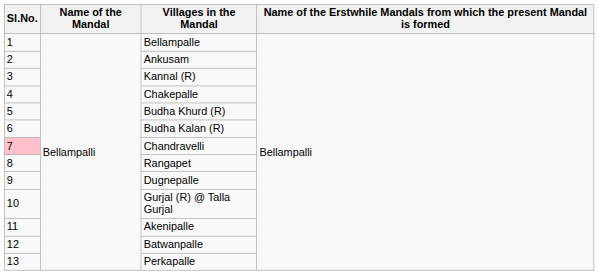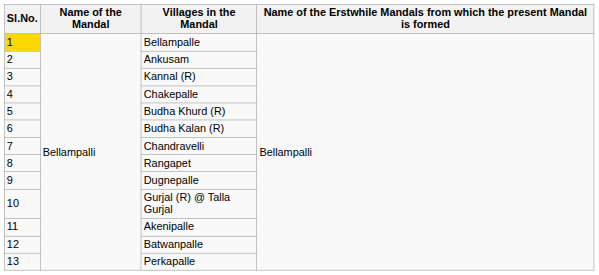 <table class="wikitable">
 <tr>
 <th>Sl.No.</th>
 <th>Name of the Mandal</th>
 <th>Villages in the Mandal</th>
 <th>Name of the Erstwhile Mandals from which the present Mandal is formed</th>
 </tr>
 <tr>
-<td>1</td>
+<td style="background: gold;">1</td>
 <td rowspan="13">Bellampalli</td>
 <td>Bellampalle</td>
 <td rowspan="13">Bellampalli</td>
 </tr>
 <tr>
 <td>2</td>
 <td>Ankusam</td>
 </tr>
 <tr>
 <td>3</td>
 <td>Kannal (R)</td>
 </tr>
 <tr>
 <td>4</td>
 <td>Chakepalle</td>
 </tr>
 <tr>
 <td>5</td>
 <td>Budha Khurd (R)</td>
 </tr>
 <tr>
 <td>6</td>
 <td>Budha Kalan (R)</td>
 </tr>
 <tr>
-<td style="background: pink;">7</td>
+<td>7</td>
 <td>Chandravelli</td>
 </tr>
 <tr>
 <td>8</td>
 <td>Rangapet</td>
 </tr>
 <tr>
 <td>9</td>
 <td>Dugnepalle</td>
 </tr>
 <tr>
 <td>10</td>
 <td>Gurjal (R) @ Talla Gurjal</td>
 </tr>
 <tr>
 <td>11</td>
 <td>Akenipalle</td>
 </tr>
 <tr>
 <td>12</td>
 <td>Batwanpalle</td>
 </tr>
 <tr>
 <td>13</td>
 <td>Perkapalle</td>
 </tr>
 </table>
